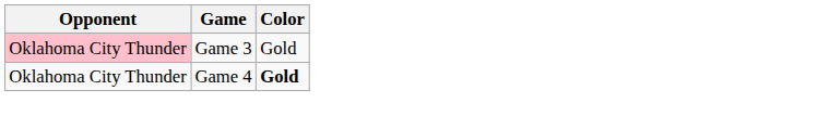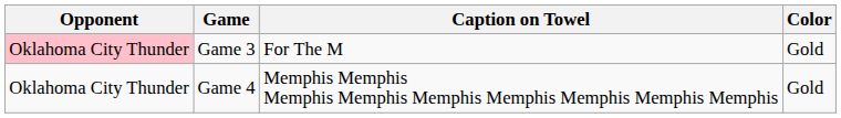 <table class="wikitable">
 <tr>
 <th>Opponent</th>
 <th>Game</th>
+<th>Caption on Towel</th>
 <th>Color</th>
 </tr>
 <tr>
 <td style="background: pink;">Oklahoma City Thunder</td>
 <td>Game 3</td>
+<td>For The M</td>
 <td>Gold</td>
 </tr>
 <tr>
 <td>Oklahoma City Thunder</td>
 <td>Game 4</td>
-<td><strong>Gold</strong></td>
+<td>Memphis Memphis<br>Memphis Memphis  Memphis Memphis Memphis Memphis Memphis</td>
+<td>Gold</td>
 </tr>
 </table>
